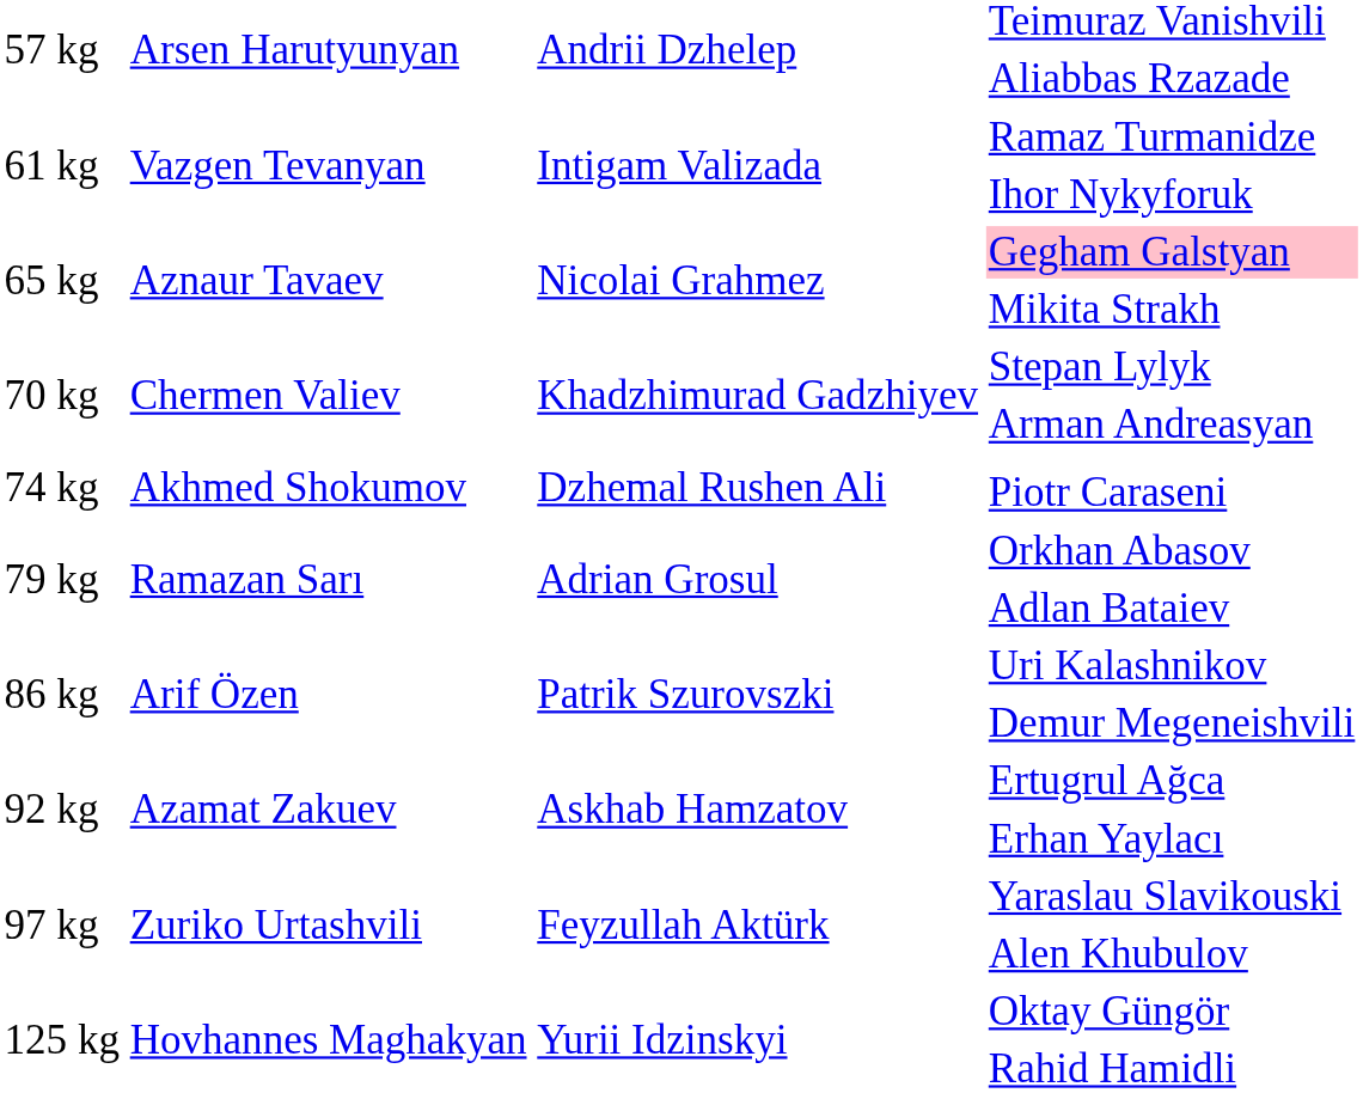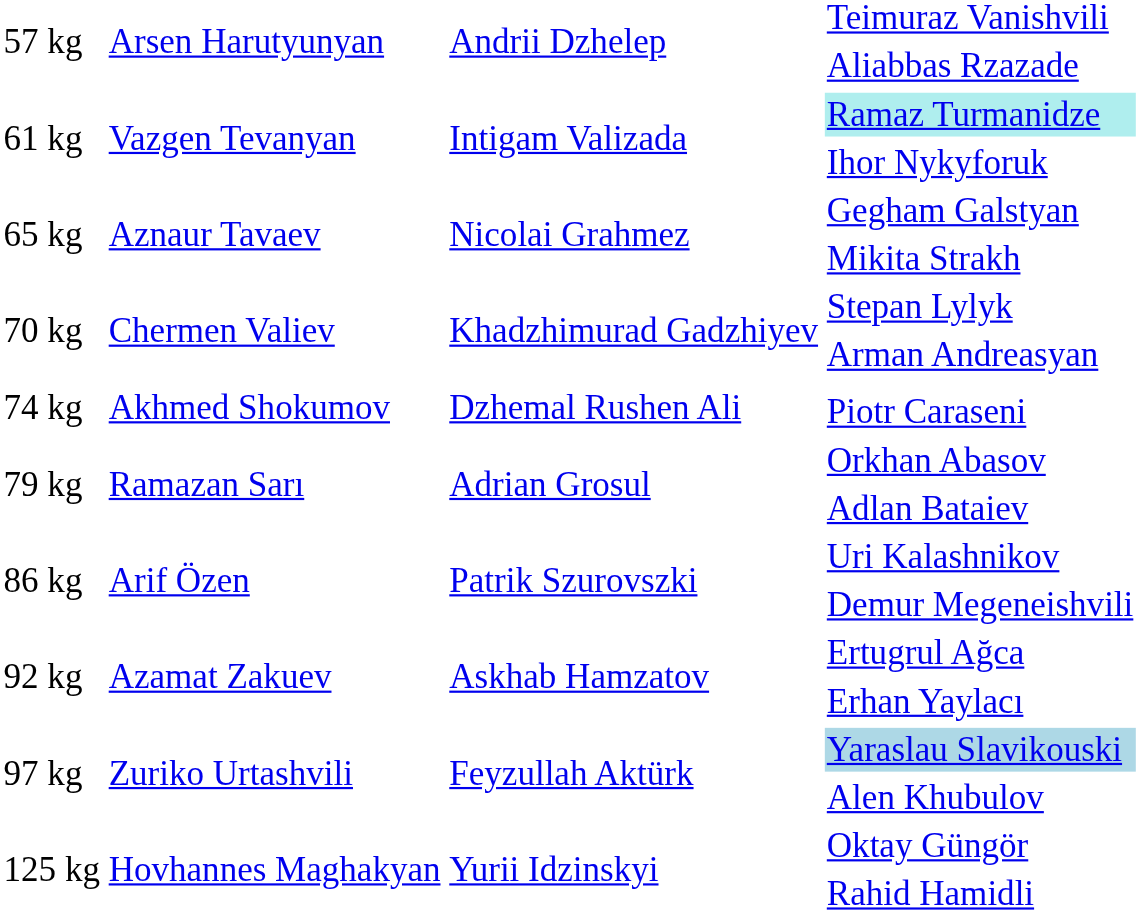 <table>
 <tr>
 <td rowspan=2>57 kg</td>
 <td rowspan=2> <a href='#'>Arsen Harutyunyan</a></td>
 <td rowspan=2> <a href='#'>Andrii Dzhelep</a></td>
 <td> <a href='#'>Teimuraz Vanishvili</a></td>
 </tr>
 <tr>
 <td><a href='#'>Aliabbas Rzazade</a></td>
 </tr>
 <tr>
 <td rowspan=2>61 kg</td>
 <td rowspan=2> <a href='#'>Vazgen Tevanyan</a></td>
 <td rowspan=2> <a href='#'>Intigam Valizada</a></td>
-<td> <a href='#'>Ramaz Turmanidze</a></td>
+<td style="background: paleturquoise;"> <a href='#'>Ramaz Turmanidze</a></td>
 </tr>
 <tr>
 <td> <a href='#'>Ihor Nykyforuk</a></td>
 </tr>
 <tr>
 <td rowspan=2>65 kg</td>
 <td rowspan=2> <a href='#'>Aznaur Tavaev</a></td>
 <td rowspan=2> <a href='#'>Nicolai Grahmez</a></td>
-<td style="background: pink;"> <a href='#'>Gegham Galstyan</a></td>
+<td> <a href='#'>Gegham Galstyan</a></td>
 </tr>
 <tr>
 <td> <a href='#'>Mikita Strakh</a></td>
 </tr>
 <tr>
 <td rowspan=2>70 kg</td>
 <td rowspan=2> <a href='#'>Chermen Valiev</a></td>
 <td rowspan=2> <a href='#'>Khadzhimurad Gadzhiyev</a></td>
 <td> <a href='#'>Stepan Lylyk</a></td>
 </tr>
 <tr>
 <td> <a href='#'>Arman Andreasyan</a></td>
 </tr>
 <tr>
 <td rowspan=2>74 kg</td>
 <td rowspan=2> <a href='#'>Akhmed Shokumov</a></td>
 <td rowspan=2> <a href='#'>Dzhemal Rushen Ali</a></td>
 <td> </td>
 </tr>
 <tr>
 <td> <a href='#'>Piotr Caraseni</a></td>
 </tr>
 <tr>
 <td rowspan=2>79 kg</td>
 <td rowspan=2> <a href='#'>Ramazan Sarı</a></td>
 <td rowspan=2> <a href='#'>Adrian Grosul</a></td>
 <td> <a href='#'>Orkhan Abasov</a></td>
 </tr>
 <tr>
 <td> <a href='#'>Adlan Bataiev</a></td>
 </tr>
 <tr>
 <td rowspan=2>86 kg</td>
 <td rowspan=2> <a href='#'>Arif Özen</a></td>
 <td rowspan=2> <a href='#'>Patrik Szurovszki</a></td>
 <td> <a href='#'>Uri Kalashnikov</a></td>
 </tr>
 <tr>
 <td> <a href='#'>Demur Megeneishvili</a></td>
 </tr>
 <tr>
 <td rowspan=2>92 kg</td>
 <td rowspan=2> <a href='#'>Azamat Zakuev</a></td>
 <td rowspan=2> <a href='#'>Askhab Hamzatov</a></td>
 <td> <a href='#'>Ertugrul Ağca</a></td>
 </tr>
 <tr>
 <td> <a href='#'>Erhan Yaylacı</a></td>
 </tr>
 <tr>
 <td rowspan=2>97 kg</td>
 <td rowspan=2> <a href='#'>Zuriko Urtashvili</a></td>
 <td rowspan=2> <a href='#'>Feyzullah Aktürk</a></td>
-<td> <a href='#'>Yaraslau Slavikouski</a></td>
+<td style="background: lightblue;"> <a href='#'>Yaraslau Slavikouski</a></td>
 </tr>
 <tr>
 <td> <a href='#'>Alen Khubulov</a></td>
 </tr>
 <tr>
 <td rowspan=2>125 kg</td>
 <td rowspan=2> <a href='#'>Hovhannes Maghakyan</a></td>
 <td rowspan=2> <a href='#'>Yurii Idzinskyi</a></td>
 <td> <a href='#'>Oktay Güngör</a></td>
 </tr>
 <tr>
 <td> <a href='#'>Rahid Hamidli</a></td>
 </tr>
 </table>
